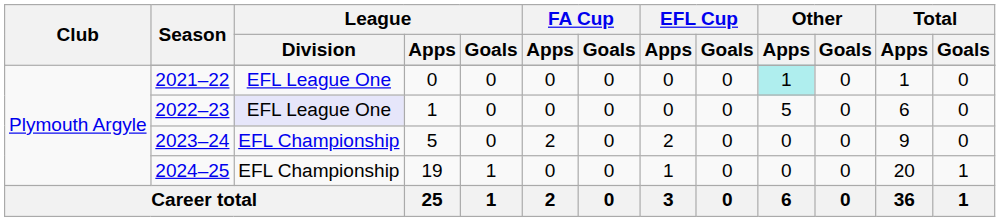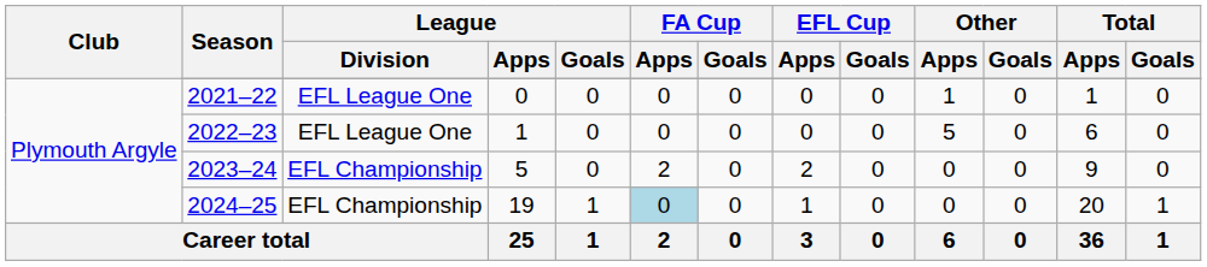 <table class="wikitable" style="text-align:center">
 <tr>
 <th rowspan="2">Club</th>
 <th rowspan="2">Season</th>
 <th colspan="3">League</th>
 <th colspan="2"><a href='#'>FA Cup</a></th>
 <th colspan="2"><a href='#'>EFL Cup</a></th>
 <th colspan="2">Other</th>
 <th colspan="2">Total</th>
 </tr>
 <tr>
 <th>Division</th>
 <th>Apps</th>
 <th>Goals</th>
 <th>Apps</th>
 <th>Goals</th>
 <th>Apps</th>
 <th>Goals</th>
 <th>Apps</th>
 <th>Goals</th>
 <th>Apps</th>
 <th>Goals</th>
 </tr>
 <tr>
 <td rowspan="5"><a href='#'>Plymouth Argyle</a></td>
 </tr>
 <tr>
 <td><a href='#'>2021–22</a></td>
 <td><a href='#'>EFL League One</a></td>
 <td>0</td>
 <td>0</td>
 <td>0</td>
 <td>0</td>
 <td>0</td>
 <td>0</td>
-<td style="background: paleturquoise;">1</td>
+<td>1</td>
 <td>0</td>
 <td>1</td>
 <td>0</td>
 </tr>
 <tr>
 <td><a href='#'>2022–23</a></td>
-<td style="background: lavender;">EFL League One</td>
+<td>EFL League One</td>
 <td>1</td>
 <td>0</td>
 <td>0</td>
 <td>0</td>
 <td>0</td>
 <td>0</td>
 <td>5</td>
 <td>0</td>
 <td>6</td>
 <td>0</td>
 </tr>
 <tr>
 <td><a href='#'>2023–24</a></td>
 <td><a href='#'>EFL Championship</a></td>
 <td>5</td>
 <td>0</td>
 <td>2</td>
 <td>0</td>
 <td>2</td>
 <td>0</td>
 <td>0</td>
 <td>0</td>
 <td>9</td>
 <td>0</td>
 </tr>
 <tr>
 <td><a href='#'>2024–25</a></td>
 <td>EFL Championship</td>
 <td>19</td>
 <td>1</td>
-<td>0</td>
+<td style="background: lightblue;">0</td>
 <td>0</td>
 <td>1</td>
 <td>0</td>
 <td>0</td>
 <td>0</td>
 <td>20</td>
 <td>1</td>
 </tr>
 <tr>
 <th colspan="3">Career total</th>
 <th>25</th>
 <th>1</th>
 <th>2</th>
 <th>0</th>
 <th>3</th>
 <th>0</th>
 <th>6</th>
 <th>0</th>
 <th>36</th>
 <th>1</th>
 </tr>
 </table>
